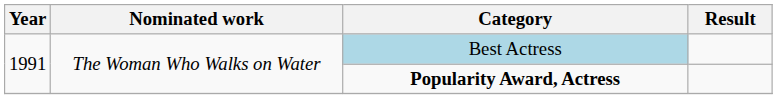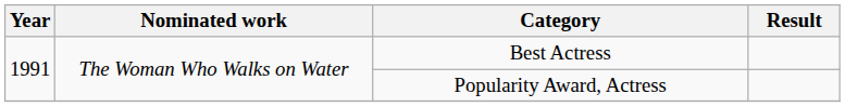 <table class="wikitable sortable plainrowheaders" style="text-align:center;">
 <tr>
 <th style="width:6%;" scope="col">Year</th>
 <th style="width:38%;" scope="col">Nominated work</th>
 <th style="width:45%;" scope="col">Category</th>
 <th style="width:11%;" scope="col">Result</th>
 </tr>
 <tr>
 <td rowspan="2">1991</td>
 <td rowspan="2"><em>The Woman Who Walks on Water </em></td>
-<td style="background: lightblue;">Best Actress</td>
+<td>Best Actress</td>
 <td></td>
 </tr>
 <tr>
-<td><strong>Popularity Award, Actress</strong></td>
+<td>Popularity Award, Actress</td>
 <td></td>
 </tr>
 <tr>
 </tr>
 </table>
